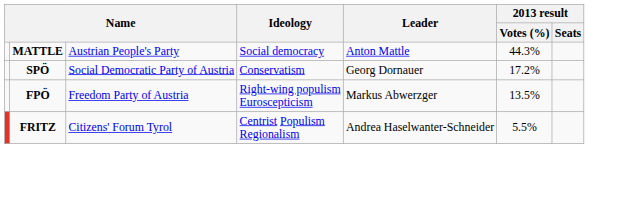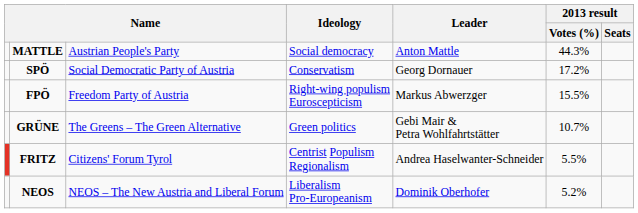 <table class="wikitable">
 <tr>
 <th rowspan="2" colspan="3">Name</th>
 <th rowspan="2">Ideology</th>
 <th rowspan="2">Leader</th>
 <th colspan="2">2013 result</th>
 </tr>
 <tr>
 <th>Votes (%)</th>
 <th>Seats</th>
 </tr>
 <tr>
 <td style="background:"></td>
 <td style="text-align:center;"><strong>MATTLE</strong></td>
 <td><a href='#'>Austrian People's Party</a><br></td>
 <td><a href='#'>Social democracy</a></td>
 <td><a href='#'>Anton Mattle</a></td>
 <td style="text-align:center;">44.3%</td>
 <td></td>
 </tr>
 <tr>
 <td style="background:"></td>
 <td style="text-align:center;"><strong>SPÖ</strong></td>
 <td><a href='#'>Social Democratic Party of Austria</a><br></td>
 <td><a href='#'>Conservatism</a></td>
 <td>Georg Dornauer</td>
 <td style="text-align:center;">17.2%</td>
 <td></td>
 </tr>
 <tr>
 <td style="background:"></td>
 <td style="text-align:center;"><strong>FPÖ</strong></td>
 <td><a href='#'>Freedom Party of Austria</a><br></td>
 <td><a href='#'>Right-wing populism</a><br><a href='#'>Euroscepticism</a></td>
 <td>Markus Abwerzger</td>
-<td style="text-align:center;">13.5%</td>
+<td style="text-align:center;">15.5%</td>
+<td></td>
+</tr>
+<tr>
+<td style="background:"></td>
+<td style="text-align:center;"><strong>GRÜNE</strong></td>
+<td><a href='#'>The Greens – The Green Alternative</a><br></td>
+<td><a href='#'>Green politics</a></td>
+<td>Gebi Mair &<br>Petra Wohlfahrtstätter</td>
+<td style="text-align:center;">10.7%</td>
 <td></td>
 </tr>
 <tr>
 <td style="background:#E43226;"></td>
 <td style="text-align:center;"><strong>FRITZ</strong></td>
 <td><a href='#'>Citizens' Forum Tyrol</a><br></td>
 <td><a href='#'>Centrist</a> <a href='#'>Populism</a><br><a href='#'>Regionalism</a></td>
 <td>Andrea Haselwanter-Schneider</td>
 <td style="text-align:center;">5.5%</td>
 <td></td>
 </tr>
+<tr>
+<td style="background:"></td>
+<td style="text-align:center;"><strong>NEOS</strong></td>
+<td><a href='#'>NEOS – The New Austria and Liberal Forum</a><br></td>
+<td><a href='#'>Liberalism</a><br><a href='#'>Pro-Europeanism</a></td>
+<td><a href='#'>Dominik Oberhofer</a></td>
+<td style="text-align:center;">5.2%</td>
+<td></td>
+</tr>
 </table>
